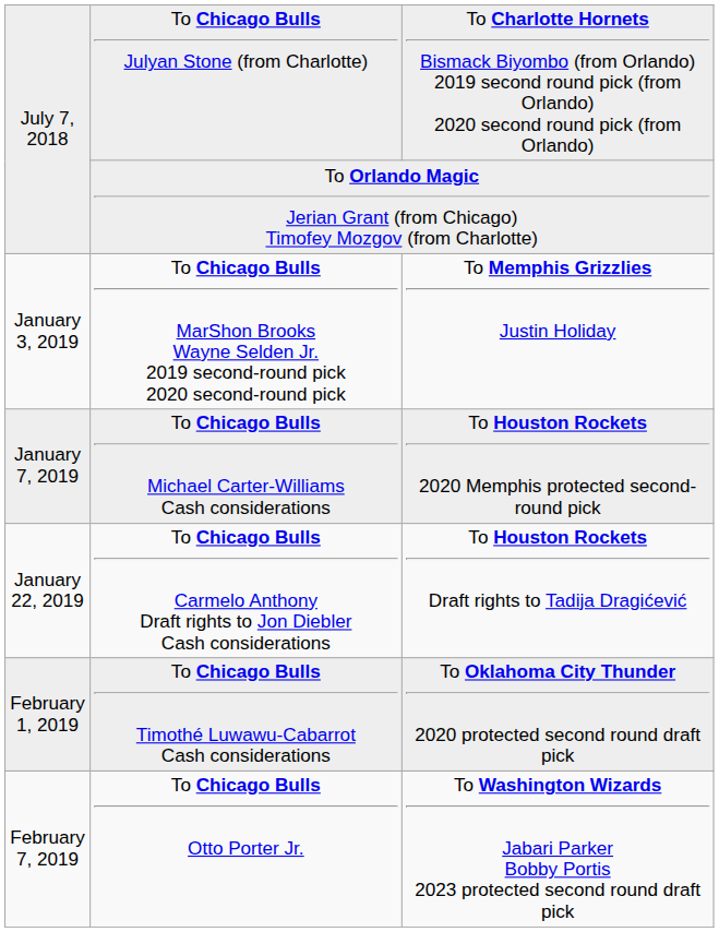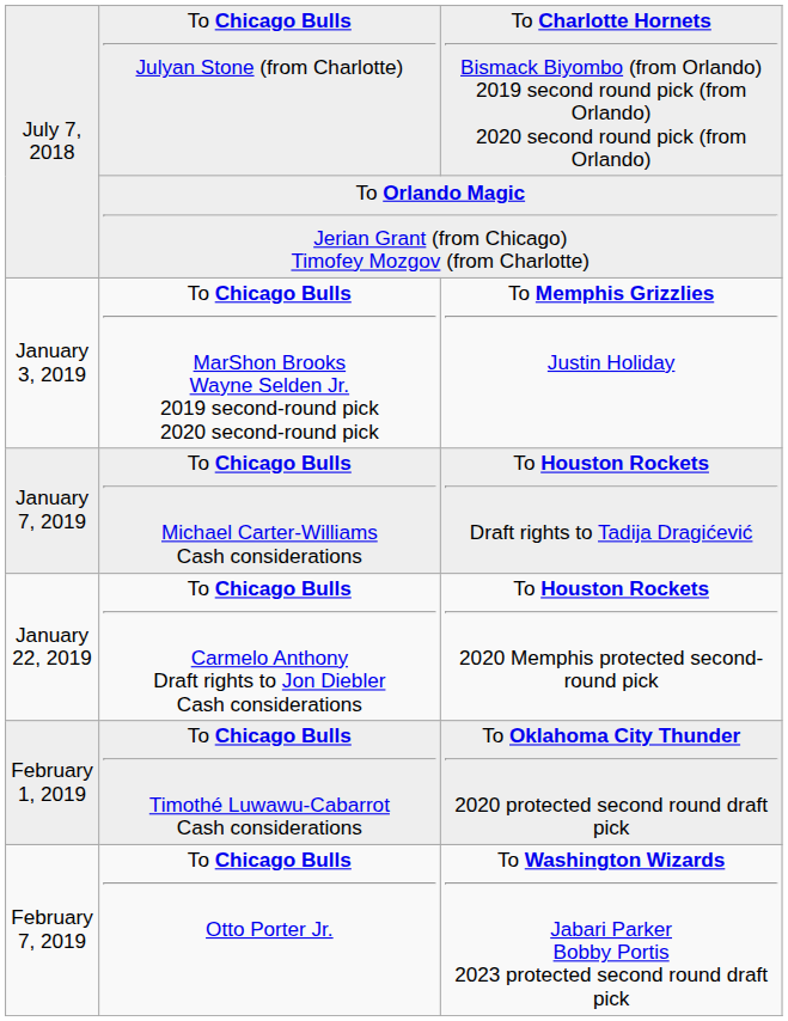 <table class="wikitable sortable sortable" style="text-align: center">
 <tr bgcolor="eeeeee">
 <td rowspan=2>July 7, 2018</td>
 <td style="width:44%" valign="top">To <strong><a href='#'>Chicago Bulls</a></strong><hr><a href='#'>Julyan Stone</a> (from Charlotte)</td>
 <td style="width:44%" valign="top">To <strong><a href='#'>Charlotte Hornets</a></strong><hr><a href='#'>Bismack Biyombo</a> (from Orlando)<br>2019 second round pick (from Orlando)<br>2020 second round pick (from Orlando)</td>
 </tr>
 <tr bgcolor="eeeeee">
 <td colspan="3">To <strong><a href='#'>Orlando Magic</a></strong><hr><a href='#'>Jerian Grant</a> (from Chicago)<br><a href='#'>Timofey Mozgov</a> (from Charlotte)</td>
 </tr>
 <tr>
 <td>January 3, 2019</td>
 <td style="width:44%" valign="top">To <strong><a href='#'>Chicago Bulls</a></strong><hr><br><a href='#'>MarShon Brooks</a><br> <a href='#'>Wayne Selden Jr.</a><br> 2019 second-round pick<br> 2020 second-round pick</td>
 <td style="width:44%" valign="top">To <strong><a href='#'>Memphis Grizzlies</a></strong><hr><br><a href='#'>Justin Holiday</a></td>
 </tr>
 <tr bgcolor="eeeeee">
 <td>January 7, 2019</td>
 <td style="width:44%" valign="top">To <strong><a href='#'>Chicago Bulls</a></strong><hr><br><a href='#'>Michael Carter-Williams</a><br> Cash considerations</td>
-<td style="width:44%" valign="top">To <strong><a href='#'>Houston Rockets</a></strong><hr><br>2020 Memphis protected second-round pick</td>
+<td style="width:44%" valign="top">To <strong><a href='#'>Houston Rockets</a></strong><hr><br>Draft rights to <a href='#'>Tadija Dragićević</a></td>
 </tr>
 <tr>
 <td>January 22, 2019</td>
 <td style="width:44%" valign="top">To <strong><a href='#'>Chicago Bulls</a></strong><hr><br><a href='#'>Carmelo Anthony</a><br> Draft rights to <a href='#'>Jon Diebler</a><br> Cash considerations</td>
-<td style="width:44%" valign="top">To <strong><a href='#'>Houston Rockets</a></strong><hr><br>Draft rights to <a href='#'>Tadija Dragićević</a></td>
+<td style="width:44%" valign="top">To <strong><a href='#'>Houston Rockets</a></strong><hr><br>2020 Memphis protected second-round pick</td>
 </tr>
 <tr bgcolor="eeeeee">
 <td>February 1, 2019</td>
 <td style="width:44%" valign="top">To <strong><a href='#'>Chicago Bulls</a></strong><hr><br><a href='#'>Timothé Luwawu-Cabarrot</a><br> Cash considerations</td>
 <td style="width:44%" valign="top">To <strong><a href='#'>Oklahoma City Thunder</a></strong><hr><br>2020 protected second round draft pick</td>
 </tr>
 <tr>
 <td>February 7, 2019</td>
 <td style="width:44%" valign="top">To <strong><a href='#'>Chicago Bulls</a></strong><hr><br><a href='#'>Otto Porter Jr.</a></td>
 <td style="width:44%" valign="top">To <strong><a href='#'>Washington Wizards</a></strong><hr><br><a href='#'>Jabari Parker</a> <br> <a href='#'>Bobby Portis</a> <br> 2023 protected second round draft pick</td>
 </tr>
 <tr>
 </tr>
 </table>
